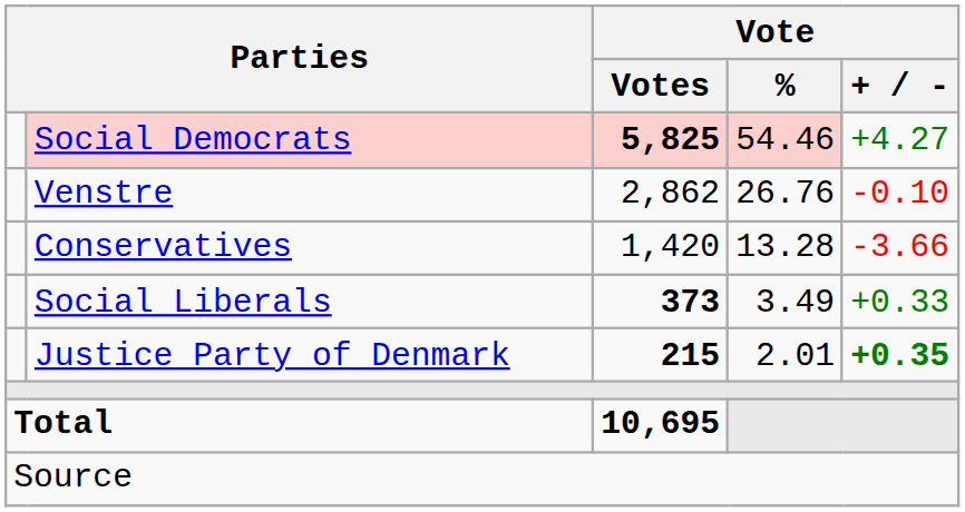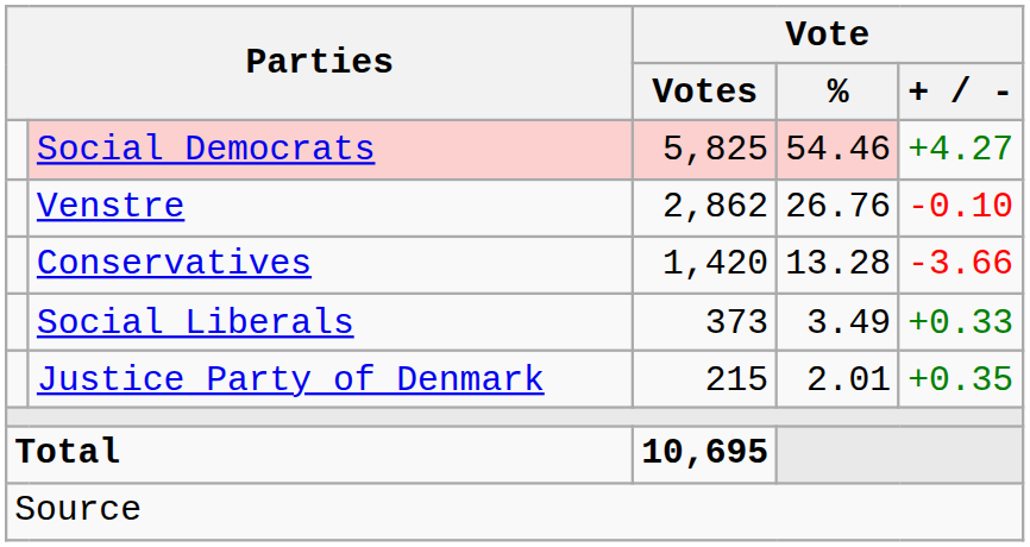 <table class="wikitable" style="text-align:right;">
 <tr>
 <th style="text-align:centre;" rowspan="2" colspan="2" width="225">Parties</th>
 <th colspan="3">Vote</th>
 </tr>
 <tr>
 <th width="15">Votes</th>
 <th width="15">%</th>
 <th width="15">+ / -</th>
 </tr>
 <tr>
 <td width="2" style="color:inherit;background:"></td>
 <td bgcolor=#fbd0ce  align="left"><a href='#'>Social Democrats</a></td>
-<td bgcolor=#fbd0ce><strong>5,825</strong></td>
+<td bgcolor=#fbd0ce>5,825</td>
 <td bgcolor=#fbd0ce>54.46</td>
 <td style=color:green;>+4.27</td>
 </tr>
 <tr>
 <td width="2" style="color:inherit;background:"></td>
 <td align="left"><a href='#'>Venstre</a></td>
 <td>2,862</td>
 <td>26.76</td>
 <td style=color:red;>-0.10</td>
 </tr>
 <tr>
 <td width="2" style="color:inherit;background:"></td>
 <td align="left"><a href='#'>Conservatives</a></td>
 <td>1,420</td>
 <td>13.28</td>
 <td style=color:red;>-3.66</td>
 </tr>
 <tr>
 <td width="2" style="color:inherit;background:"></td>
 <td align="left"><a href='#'>Social Liberals</a></td>
-<td><strong>373</strong></td>
+<td>373</td>
 <td>3.49</td>
 <td style=color:green;>+0.33</td>
 </tr>
 <tr>
 <td width="2" style="color:inherit;background:"></td>
 <td align="left"><a href='#'>Justice Party of Denmark</a></td>
-<td><strong>215</strong></td>
+<td>215</td>
 <td>2.01</td>
-<td style=color:green;><strong>+0.35</strong></td>
+<td style=color:green;>+0.35</td>
 </tr>
 <tr>
 <td colspan="7" bgcolor="#E9E9E9"></td>
 </tr>
 <tr>
 <td align="left" colspan="2"><strong>Total</strong></td>
 <td><strong>10,695</strong></td>
 <td bgcolor="#E9E9E9" colspan="2"></td>
 </tr>
 <tr>
 <td align="left" colspan="6">Source</td>
 </tr>
 </table>
